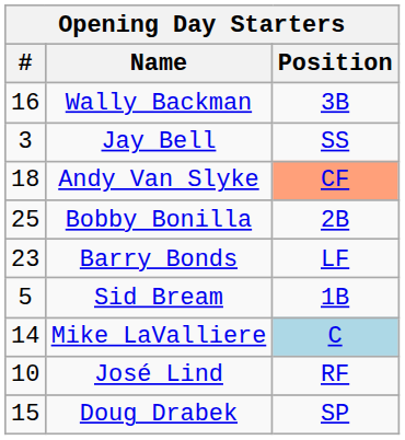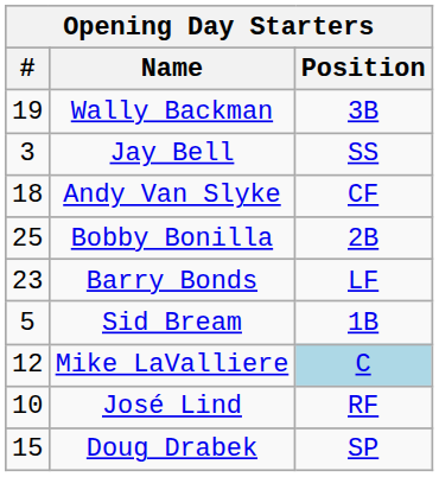 <table class="wikitable" style="text-align:center">
 <tr>
 <th colspan="3">Opening Day Starters</th>
 </tr>
 <tr>
 <th>#</th>
 <th>Name</th>
 <th>Position</th>
 </tr>
 <tr>
-<td>16</td>
+<td>19</td>
 <td><a href='#'>Wally Backman</a></td>
 <td><a href='#'>3B</a></td>
 </tr>
 <tr>
 <td>3</td>
 <td><a href='#'>Jay Bell</a></td>
 <td><a href='#'>SS</a></td>
 </tr>
 <tr>
 <td>18</td>
 <td><a href='#'>Andy Van Slyke</a></td>
-<td style="background: lightsalmon;"><a href='#'>CF</a></td>
+<td><a href='#'>CF</a></td>
 </tr>
 <tr>
 <td>25</td>
 <td><a href='#'>Bobby Bonilla</a></td>
 <td><a href='#'>2B</a></td>
 </tr>
 <tr>
 <td>23</td>
 <td><a href='#'>Barry Bonds</a></td>
 <td><a href='#'>LF</a></td>
 </tr>
 <tr>
 <td>5</td>
 <td><a href='#'>Sid Bream</a></td>
 <td><a href='#'>1B</a></td>
 </tr>
 <tr>
-<td>14</td>
+<td>12</td>
 <td><a href='#'>Mike LaValliere</a></td>
 <td style="background: lightblue;"><a href='#'>C</a></td>
 </tr>
 <tr>
 <td>10</td>
 <td><a href='#'>José Lind</a></td>
 <td><a href='#'>RF</a></td>
 </tr>
 <tr>
 <td>15</td>
 <td><a href='#'>Doug Drabek</a></td>
 <td><a href='#'>SP</a></td>
 </tr>
 </table>
